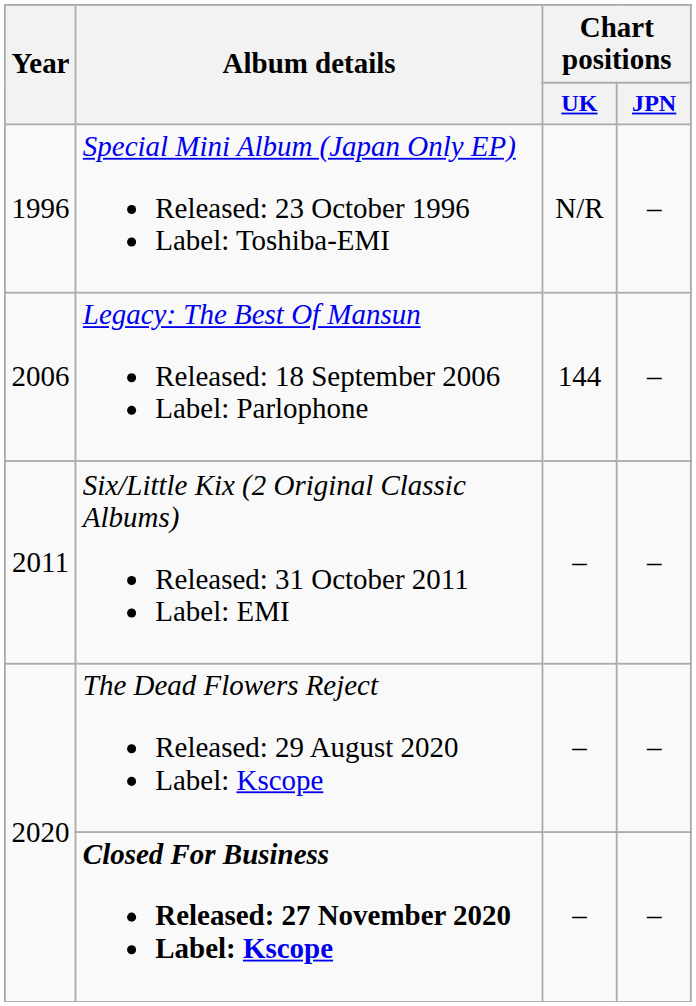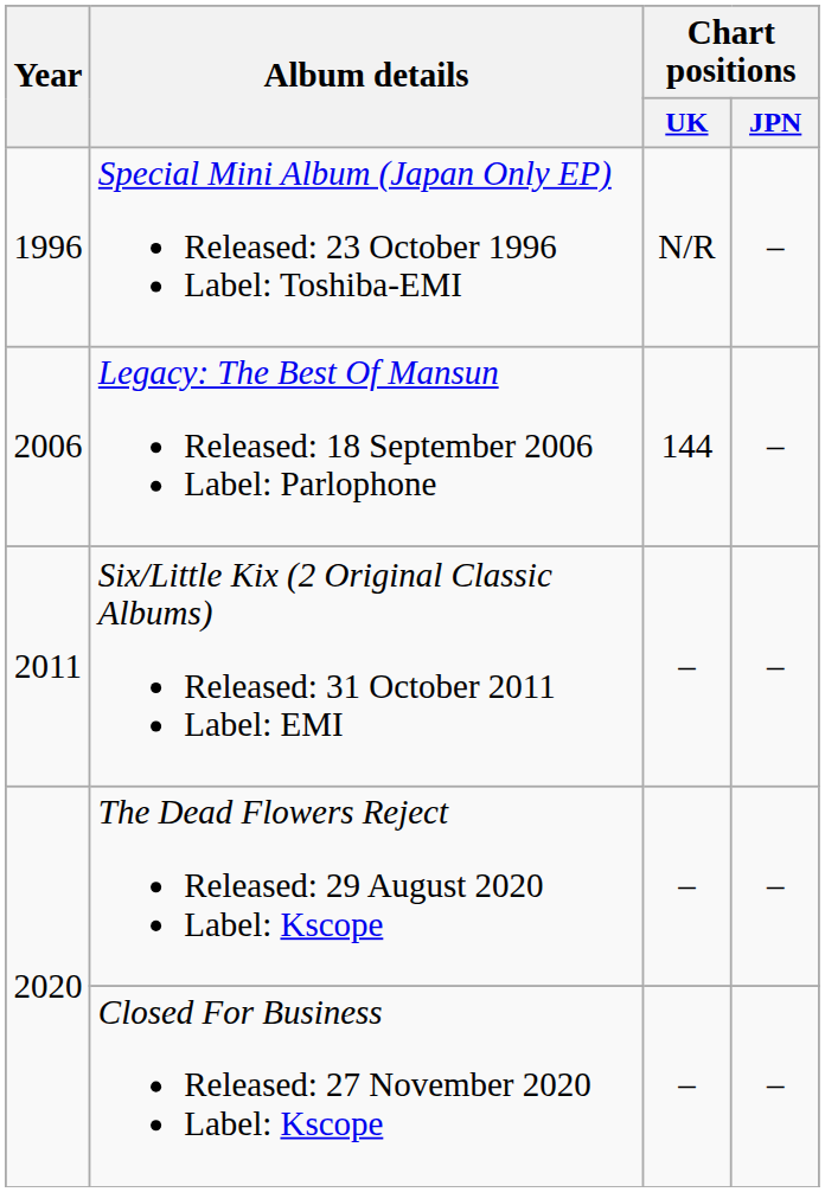 <table class="wikitable" style=text-align:center;>
 <tr>
 <th rowspan="2">Year</th>
 <th rowspan="2" width="250">Album details</th>
 <th colspan="2">Chart positions</th>
 </tr>
 <tr style="font-size:smaller;">
 <th width="35"><a href='#'>UK</a> <br></th>
 <th width="35"><a href='#'>JPN</a> <br></th>
 </tr>
 <tr>
 <td rowspan="1">1996</td>
 <td align="left"><em><a href='#'>Special Mini Album (Japan Only EP)</a></em><br><ul><li>Released: 23 October 1996</li><li>Label: Toshiba-EMI</li></ul></td>
 <td>N/R</td>
 <td>–</td>
 </tr>
 <tr>
 <td rowspan="1">2006</td>
 <td align="left"><em><a href='#'>Legacy: The Best Of Mansun</a></em><br><ul><li>Released: 18 September 2006</li><li>Label: Parlophone</li></ul></td>
 <td>144</td>
 <td>–</td>
 </tr>
 <tr>
 <td rowspan="1">2011</td>
 <td align="left"><em>Six/Little Kix (2 Original Classic Albums)</em><br><ul><li>Released: 31 October 2011</li><li>Label: EMI</li></ul></td>
 <td>–</td>
 <td>–</td>
 </tr>
 <tr>
 <td rowspan="2">2020</td>
 <td align="left"><em>The Dead Flowers Reject</em><br><ul><li>Released: 29 August 2020</li><li>Label: <a href='#'>Kscope</a></li></ul></td>
 <td>–</td>
 <td>–</td>
 </tr>
 <tr>
-<td align="left"><strong><em>Closed For Business</em><br><ul><li>Released: 27 November 2020</li><li>Label: <a href='#'>Kscope</a></li></ul></strong></td>
+<td align="left"><em>Closed For Business</em><br><ul><li>Released: 27 November 2020</li><li>Label: <a href='#'>Kscope</a></li></ul></td>
 <td>–</td>
 <td>–</td>
 </tr>
 <tr>
 </tr>
 </table>
